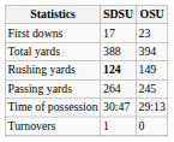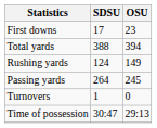 <table class="wikitable">
 <tr>
 <th>Statistics</th>
 <th>SDSU</th>
 <th>OSU</th>
 </tr>
 <tr>
 <td>First downs</td>
 <td>17</td>
 <td>23</td>
 </tr>
 <tr>
 <td>Total yards</td>
 <td>388</td>
 <td>394</td>
 </tr>
 <tr>
 <td>Rushing yards</td>
-<td><strong>124</strong></td>
+<td>124</td>
 <td>149</td>
 </tr>
 <tr>
 <td>Passing yards</td>
 <td>264</td>
 <td>245</td>
 </tr>
 <tr>
+<td>Turnovers</td>
+<td>1</td>
+<td>0</td>
+</tr>
+<tr>
 <td>Time of possession</td>
 <td>30:47</td>
 <td>29:13</td>
 </tr>
 <tr>
-<td>Turnovers</td>
-<td>1</td>
-<td>0</td>
-</tr>
-<tr>
 </tr>
 </table>
